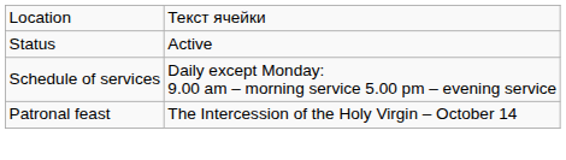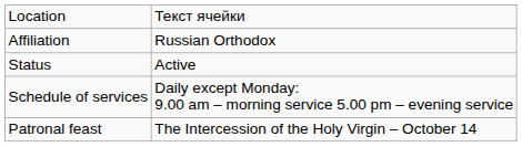 <table class="wikitable">
 <tr>
 <td>Location</td>
 <td>Текст ячейки</td>
+</tr>
+<tr>
+<td>Affiliation</td>
+<td>Russian Orthodox</td>
 </tr>
 <tr>
 <td>Status</td>
 <td>Active</td>
 </tr>
 <tr>
 <td>Schedule of services</td>
 <td>Daily except Monday:<br>9.00 am – morning service 5.00 pm – evening service</td>
 </tr>
 <tr>
 <td>Patronal feast</td>
 <td>The Intercession of the Holy Virgin – October 14</td>
 </tr>
 </table>
